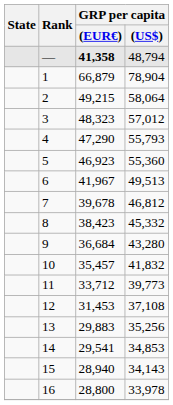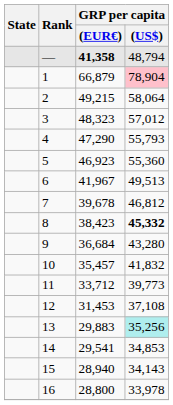 <table class="wikitable sortable">
 <tr align=center valign=middle>
 <th rowspan=2>State</th>
 <th rowspan=2 data-sort-type="number">Rank</th>
 <th colspan=2>GRP per capita</th>
 </tr>
 <tr>
 <th data-sort-type="number">(<a href='#'>EUR€</a>)</th>
 <th data-sort-type="number">(<a href='#'>US$</a>)</th>
 </tr>
 <tr style="background:#e6e6e6">
 <td align=left><strong></strong></td>
 <td>—</td>
 <td><strong>41,358</strong></td>
 <td>48,794</td>
 </tr>
 <tr>
 <td align=left></td>
 <td>1</td>
 <td>66,879</td>
-<td>78,904</td>
+<td style="background: pink;">78,904</td>
 </tr>
 <tr>
 <td align=left></td>
 <td>2</td>
 <td>49,215</td>
 <td>58,064</td>
 </tr>
 <tr>
 <td align=left></td>
 <td>3</td>
 <td>48,323</td>
 <td>57,012</td>
 </tr>
 <tr>
 <td align=left></td>
 <td>4</td>
 <td>47,290</td>
 <td>55,793</td>
 </tr>
 <tr>
 <td align=left></td>
 <td>5</td>
 <td>46,923</td>
 <td>55,360</td>
 </tr>
 <tr>
 <td align=left></td>
 <td>6</td>
 <td>41,967</td>
 <td>49,513</td>
 </tr>
 <tr>
 <td align=left></td>
 <td>7</td>
 <td>39,678</td>
 <td>46,812</td>
 </tr>
 <tr>
 <td align=left></td>
 <td>8</td>
 <td>38,423</td>
-<td>45,332</td>
+<td><strong>45,332</strong></td>
 </tr>
 <tr>
 <td align=left></td>
 <td>9</td>
 <td>36,684</td>
 <td>43,280</td>
 </tr>
 <tr>
 <td align=left></td>
 <td>10</td>
 <td>35,457</td>
 <td>41,832</td>
 </tr>
 <tr>
 <td align=left></td>
 <td>11</td>
 <td>33,712</td>
 <td>39,773</td>
 </tr>
 <tr>
 <td align=left></td>
 <td>12</td>
 <td>31,453</td>
 <td>37,108</td>
 </tr>
 <tr>
 <td align=left></td>
 <td>13</td>
 <td>29,883</td>
-<td>35,256</td>
+<td style="background: paleturquoise;">35,256</td>
 </tr>
 <tr>
 <td align=left></td>
 <td>14</td>
 <td>29,541</td>
 <td>34,853</td>
 </tr>
 <tr>
 <td align=left></td>
 <td>15</td>
 <td>28,940</td>
 <td>34,143</td>
 </tr>
 <tr>
 <td align=left></td>
 <td>16</td>
 <td>28,800</td>
 <td>33,978</td>
 </tr>
 <tr>
 </tr>
 </table>
